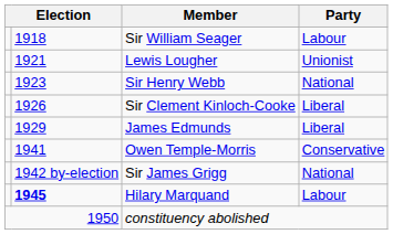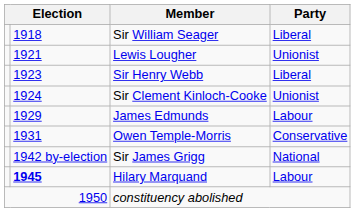 <table class="wikitable">
 <tr>
 <th colspan="2">Election</th>
 <th>Member</th>
 <th>Party</th>
 </tr>
 <tr>
 <td style="color:inherit;background-color: "></td>
 <td><a href='#'>1918</a></td>
 <td>Sir <a href='#'>William Seager</a></td>
-<td><a href='#'>Labour</a></td>
+<td><a href='#'>Liberal</a></td>
 </tr>
 <tr>
 <td style="color:inherit;background-color: "></td>
 <td><a href='#'>1921</a></td>
 <td><a href='#'>Lewis Lougher</a></td>
 <td><a href='#'>Unionist</a></td>
 </tr>
 <tr>
 <td style="color:inherit;background-color: "></td>
 <td><a href='#'>1923</a></td>
 <td><a href='#'>Sir Henry Webb</a></td>
-<td><a href='#'>National</a></td>
+<td><a href='#'>Liberal</a></td>
 </tr>
 <tr>
 <td style="color:inherit;background-color: "></td>
-<td><a href='#'>1926</a></td>
+<td><a href='#'>1924</a></td>
 <td>Sir <a href='#'>Clement Kinloch-Cooke</a></td>
-<td><a href='#'>Liberal</a></td>
+<td><a href='#'>Unionist</a></td>
 </tr>
 <tr>
 <td style="color:inherit;background-color: "></td>
 <td><a href='#'>1929</a></td>
 <td><a href='#'>James Edmunds</a></td>
-<td><a href='#'>Liberal</a></td>
+<td><a href='#'>Labour</a></td>
 </tr>
 <tr>
 <td style="color:inherit;background-color: "></td>
-<td><a href='#'>1941</a></td>
+<td><a href='#'>1931</a></td>
 <td><a href='#'>Owen Temple-Morris</a></td>
 <td><a href='#'>Conservative</a></td>
 </tr>
 <tr>
 <td style="color:inherit;background-color: "></td>
 <td><a href='#'>1942 by-election</a></td>
 <td>Sir <a href='#'>James Grigg</a></td>
 <td><a href='#'>National</a></td>
 </tr>
 <tr>
 <td style="color:inherit;background-color: "></td>
 <td><strong><a href='#'>1945</a></strong></td>
 <td><a href='#'>Hilary Marquand</a></td>
 <td><a href='#'>Labour</a></td>
 </tr>
 <tr>
 <td colspan="2" align="right"><a href='#'>1950</a></td>
 <td colspan="2"><em>constituency abolished</em></td>
 </tr>
 </table>
